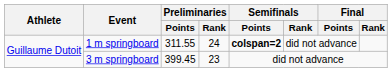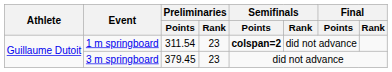 <table class=wikitable style="font-size:90%;">
 <tr>
 <th rowspan="2">Athlete</th>
 <th rowspan="2">Event</th>
 <th colspan="2">Preliminaries</th>
 <th colspan="2">Semifinals</th>
 <th colspan="2">Final</th>
 </tr>
 <tr style="font-size:95%">
 <th>Points</th>
 <th>Rank</th>
 <th>Points</th>
 <th>Rank</th>
 <th>Points</th>
 <th>Rank</th>
 </tr>
 <tr align=center>
 <td align=left rowspan=2><a href='#'>Guillaume Dutoit</a></td>
 <td align=left><a href='#'>1 m springboard</a></td>
-<td>311.55</td>
-<td>24</td>
+<td>311.54</td>
+<td>23</td>
 <td><strong>colspan=2 </strong></td>
 <td colspan=2>did not advance</td>
 </tr>
 <tr align=center>
 <td align=left><a href='#'>3 m springboard</a></td>
-<td>399.45</td>
+<td>379.45</td>
 <td>23</td>
 <td colspan=4>did not advance</td>
 </tr>
 </table>
